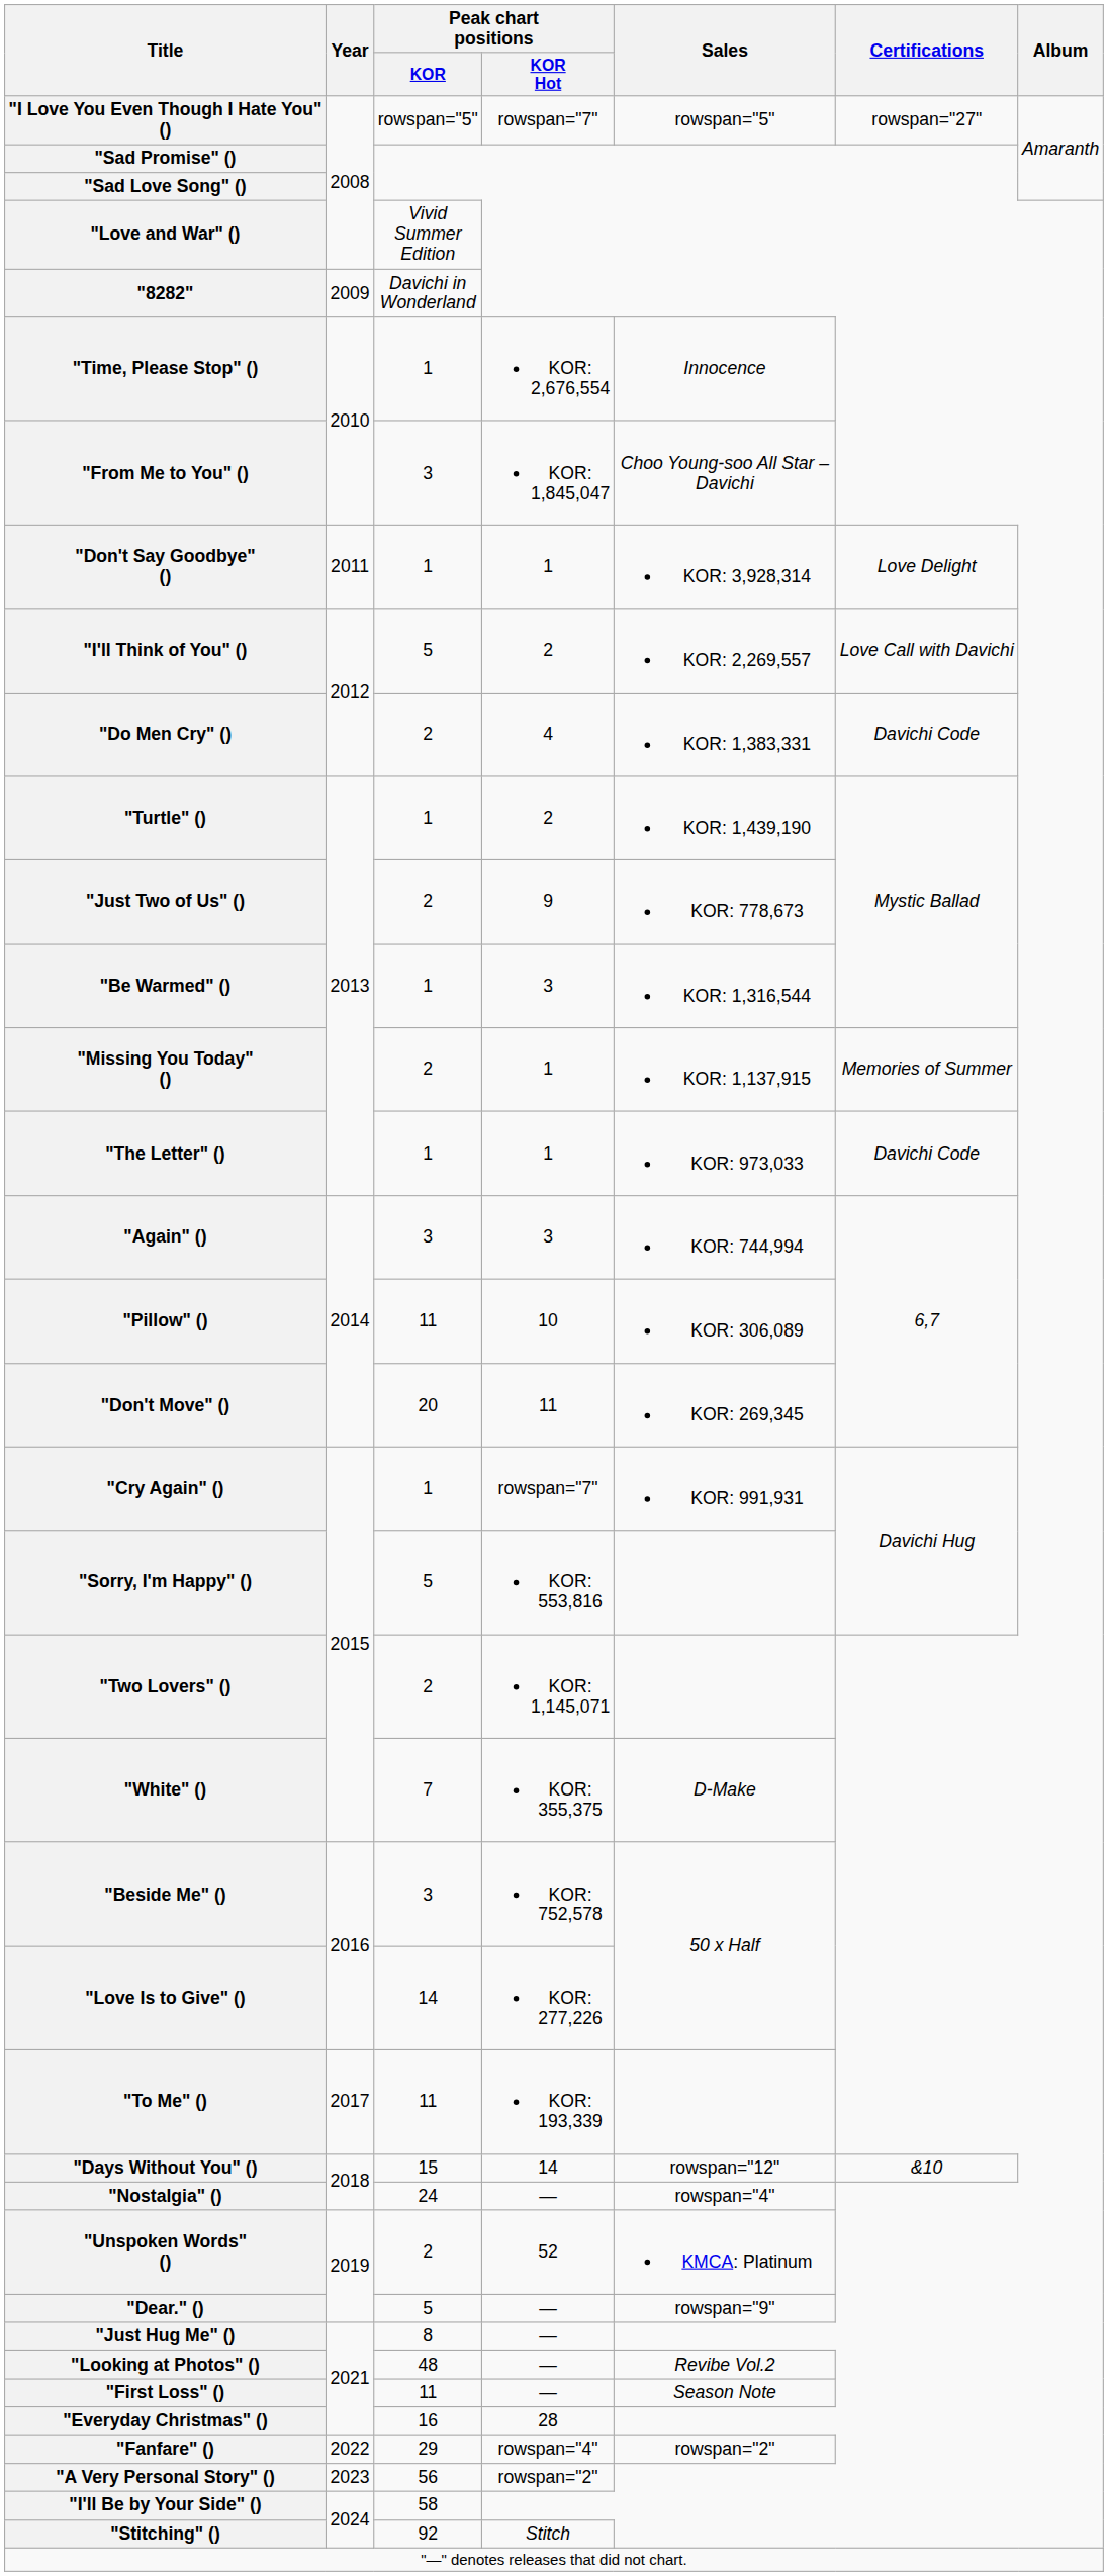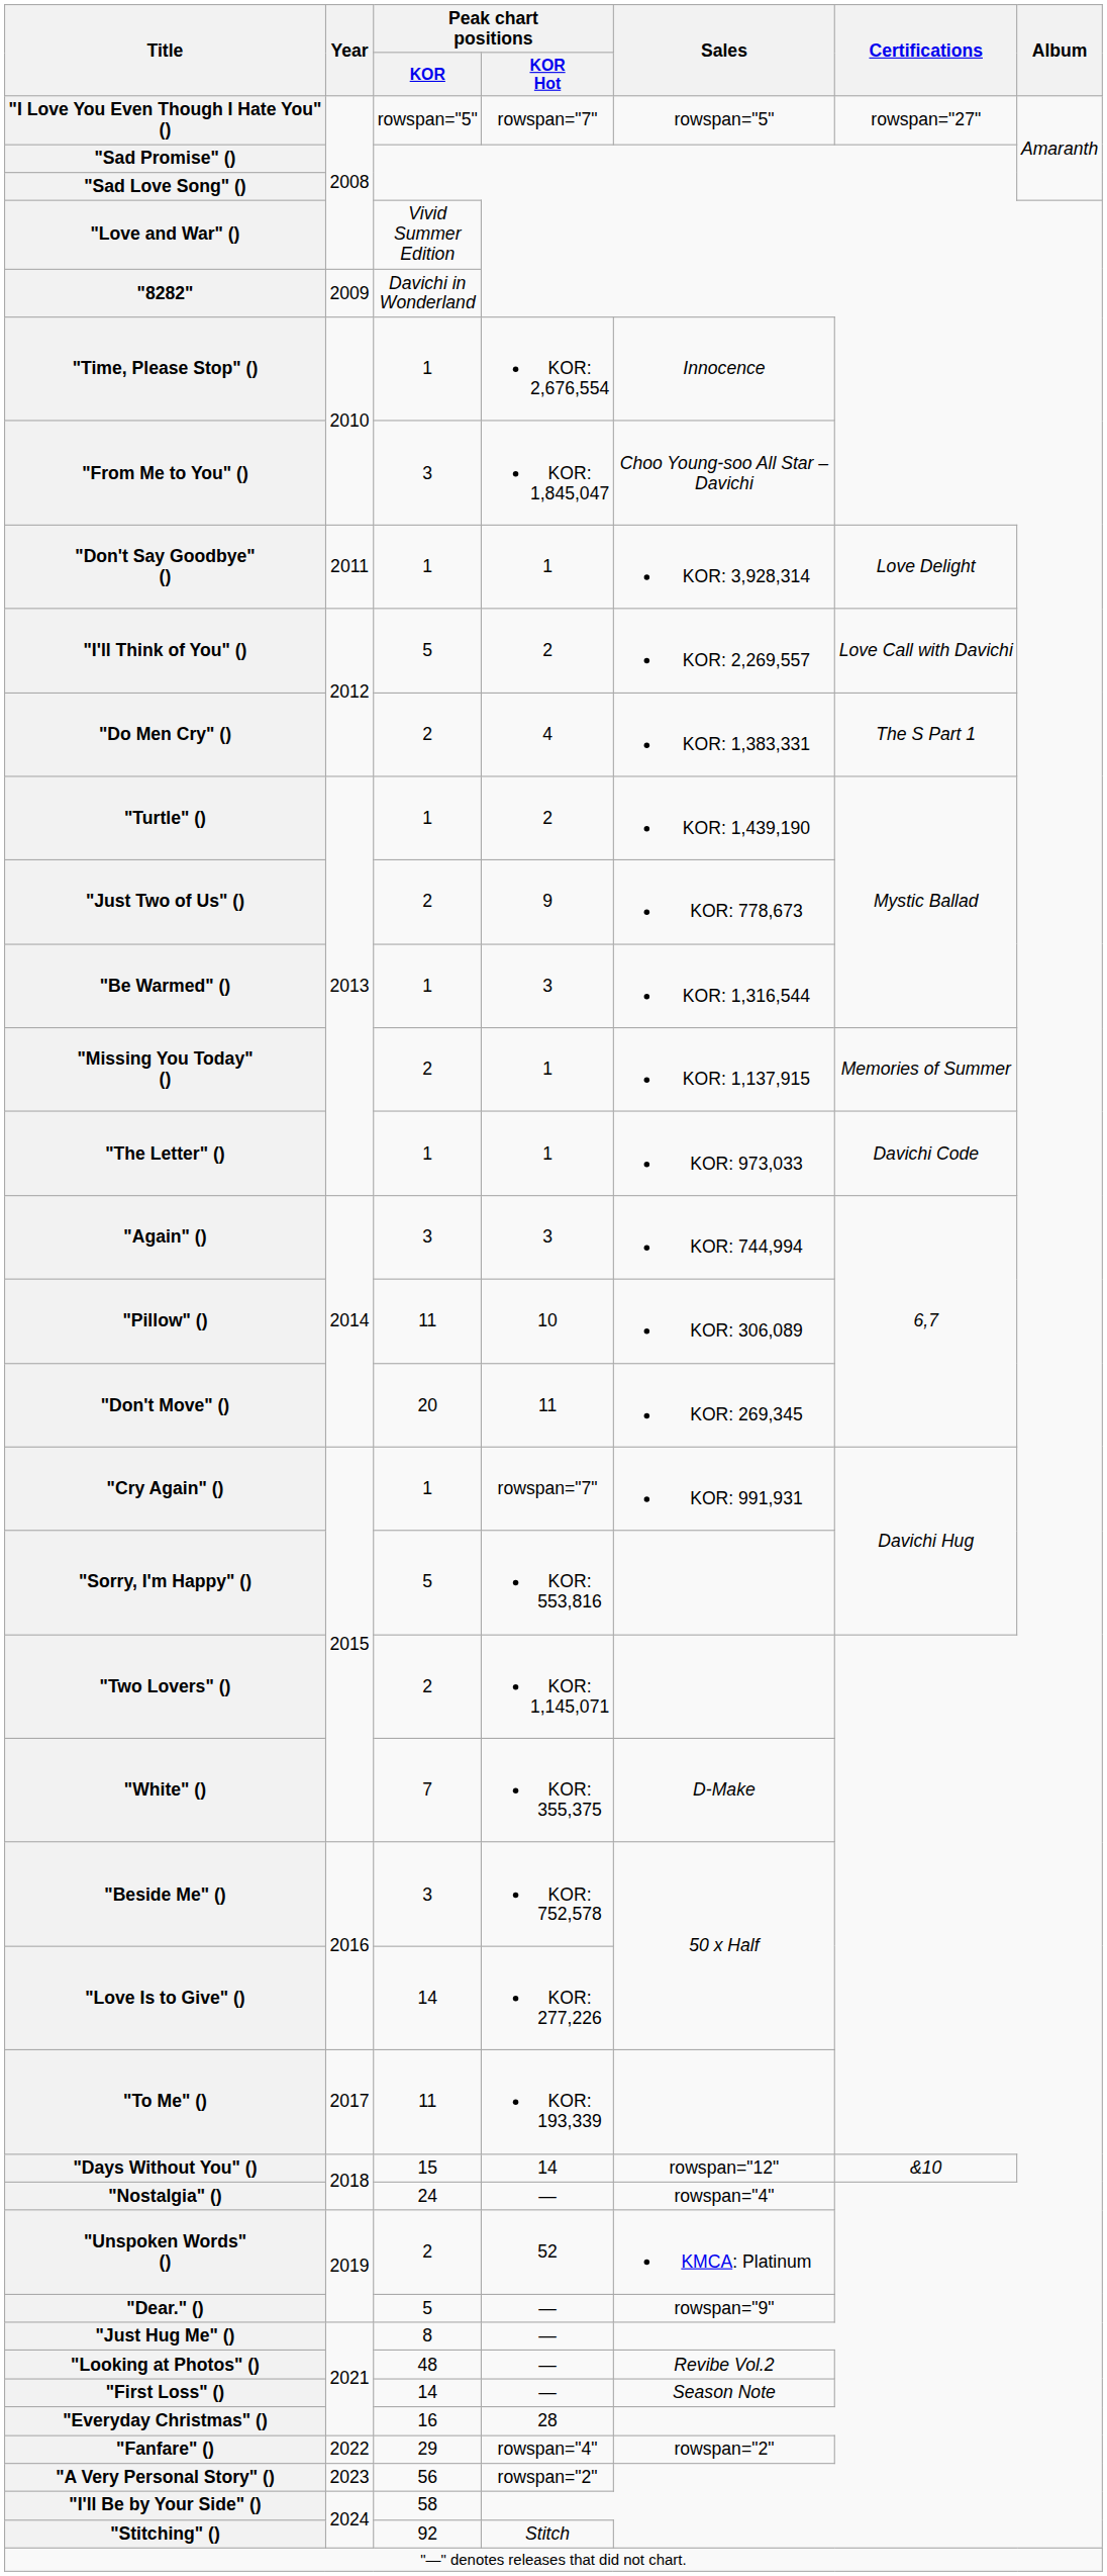 <table class="wikitable plainrowheaders" style="text-align:center;">
 <tr>
 <th scope="col" rowspan="2">Title</th>
 <th scope="col" rowspan="2">Year</th>
 <th scope="col" colspan="2">Peak chart<br>positions</th>
 <th scope="col" rowspan="2" style="width:12em;">Sales</th>
 <th scope="col" rowspan="2"><a href='#'>Certifications</a></th>
 <th scope="col" rowspan="2">Album</th>
 </tr>
 <tr>
 <th scope="col" style="width:3em;font-size:90%;"><a href='#'>KOR</a><br></th>
 <th scope="col" style="width:3em;font-size:90%;"><a href='#'>KOR<br>Hot</a><br></th>
 </tr>
 <tr>
 <th scope="row">"I Love You Even Though I Hate You" <br> ()</th>
 <td rowspan="4">2008</td>
 <td>rowspan="5" </td>
 <td>rowspan="7" </td>
 <td>rowspan="5" </td>
 <td>rowspan="27" </td>
 <td rowspan="3"><em>Amaranth</em></td>
 </tr>
 <tr>
 <th scope="row">"Sad Promise" ()</th>
 </tr>
 <tr>
 <th scope="row">"Sad Love Song" ()</th>
 </tr>
 <tr>
 <th scope="row">"Love and War" ()</th>
 <td><em>Vivid Summer Edition</em></td>
 </tr>
 <tr>
 <th scope="row">"8282"</th>
 <td>2009</td>
 <td><em>Davichi in Wonderland</em></td>
 </tr>
 <tr>
 <th scope="row">"Time, Please Stop" ()</th>
 <td rowspan="2">2010</td>
 <td>1</td>
 <td><br><ul><li>KOR: 2,676,554</li></ul></td>
 <td><em>Innocence</em></td>
 </tr>
 <tr>
 <th scope="row">"From Me to You" ()</th>
 <td>3</td>
 <td><br><ul><li>KOR: 1,845,047</li></ul></td>
 <td><em>Choo Young-soo All Star – Davichi</em></td>
 </tr>
 <tr>
 <th scope="row">"Don't Say Goodbye" <br> ()</th>
 <td>2011</td>
 <td>1</td>
 <td>1</td>
 <td><br><ul><li>KOR: 3,928,314</li></ul></td>
 <td><em>Love Delight</em></td>
 </tr>
 <tr>
 <th scope="row">"I'll Think of You" ()</th>
 <td rowspan="2">2012</td>
 <td>5</td>
 <td>2</td>
 <td><br><ul><li>KOR: 2,269,557</li></ul></td>
 <td><em>Love Call with Davichi</em></td>
 </tr>
 <tr>
 <th scope="row">"Do Men Cry" ()</th>
 <td>2</td>
 <td>4</td>
 <td><br><ul><li>KOR: 1,383,331</li></ul></td>
-<td><em>Davichi Code</em></td>
+<td><em>The S Part 1</em></td>
 </tr>
 <tr>
 <th scope="row">"Turtle" ()</th>
 <td rowspan="5">2013</td>
 <td>1</td>
 <td>2</td>
 <td><br><ul><li>KOR: 1,439,190</li></ul></td>
 <td rowspan="3"><em>Mystic Ballad</em></td>
 </tr>
 <tr>
 <th scope="row">"Just Two of Us" ()</th>
 <td>2</td>
 <td>9</td>
 <td><br><ul><li>KOR: 778,673</li></ul></td>
 </tr>
 <tr>
 <th scope="row">"Be Warmed" ()<br></th>
 <td>1</td>
 <td>3</td>
 <td><br><ul><li>KOR: 1,316,544</li></ul></td>
 </tr>
 <tr>
 <th scope="row">"Missing You Today" <br> ()</th>
 <td>2</td>
 <td>1</td>
 <td><br><ul><li>KOR: 1,137,915</li></ul></td>
 <td><em>Memories of Summer</em></td>
 </tr>
 <tr>
 <th scope="row">"The Letter" ()</th>
 <td>1</td>
 <td>1</td>
 <td><br><ul><li>KOR: 973,033</li></ul></td>
 <td><em>Davichi Code</em></td>
 </tr>
 <tr>
 <th scope="row">"Again" ()</th>
 <td rowspan="3">2014</td>
 <td>3</td>
 <td>3</td>
 <td><br><ul><li>KOR: 744,994</li></ul></td>
 <td rowspan="3"><em>6,7</em></td>
 </tr>
 <tr>
 <th scope="row">"Pillow" ()</th>
 <td>11</td>
 <td>10</td>
 <td><br><ul><li>KOR: 306,089</li></ul></td>
 </tr>
 <tr>
 <th scope="row">"Don't Move" ()</th>
 <td>20</td>
 <td>11</td>
 <td><br><ul><li>KOR: 269,345</li></ul></td>
 </tr>
 <tr>
 <th scope="row">"Cry Again" ()</th>
 <td rowspan="4">2015</td>
 <td>1</td>
 <td>rowspan="7" </td>
 <td><br><ul><li>KOR: 991,931</li></ul></td>
 <td rowspan="2"><em>Davichi Hug</em></td>
 </tr>
 <tr>
 <th scope="row">"Sorry, I'm Happy" ()</th>
 <td>5</td>
 <td><br><ul><li>KOR: 553,816</li></ul></td>
 </tr>
 <tr>
 <th scope="row">"Two Lovers" ()<br></th>
 <td>2</td>
 <td><br><ul><li>KOR: 1,145,071</li></ul></td>
 <td></td>
 </tr>
 <tr>
 <th scope="row">"White" () <br></th>
 <td>7</td>
 <td><br><ul><li>KOR: 355,375</li></ul></td>
 <td><em>D-Make</em></td>
 </tr>
 <tr>
 <th scope="row">"Beside Me" ()</th>
 <td rowspan="2">2016</td>
 <td>3</td>
 <td><br><ul><li>KOR: 752,578</li></ul></td>
 <td rowspan="2"><em>50 x Half</em></td>
 </tr>
 <tr>
 <th scope="row">"Love Is to Give" ()</th>
 <td>14</td>
 <td><br><ul><li>KOR: 277,226</li></ul></td>
 </tr>
 <tr>
 <th scope="row">"To Me" ()</th>
 <td>2017</td>
 <td>11</td>
 <td><br><ul><li>KOR: 193,339</li></ul></td>
 <td></td>
 </tr>
 <tr>
 <th scope="row">"Days Without You" ()</th>
 <td rowspan="2">2018</td>
 <td>15</td>
 <td>14</td>
 <td>rowspan="12" </td>
 <td><em>&10</em></td>
 </tr>
 <tr>
 <th scope="row">"Nostalgia" ()</th>
 <td>24</td>
 <td>—</td>
 <td>rowspan="4" </td>
 </tr>
 <tr>
 <th scope="row">"Unspoken Words" <br> ()</th>
 <td rowspan="2">2019</td>
 <td>2</td>
 <td>52</td>
 <td><br><ul><li><a href='#'>KMCA</a>: Platinum </li></ul></td>
 </tr>
 <tr>
 <th scope="row">"Dear." ()</th>
 <td>5</td>
 <td>—</td>
 <td>rowspan="9" </td>
 </tr>
 <tr>
 <th scope="row">"Just Hug Me" ()</th>
 <td rowspan="4">2021</td>
 <td>8</td>
 <td>—</td>
 </tr>
 <tr>
 <th scope="row">"Looking at Photos" ()</th>
 <td>48</td>
 <td>—</td>
 <td><em>Revibe Vol.2</em></td>
 </tr>
 <tr>
 <th scope="row">"First Loss" ()</th>
-<td>11</td>
+<td>14</td>
 <td>—</td>
 <td><em>Season Note</em></td>
 </tr>
 <tr>
 <th scope="row">"Everyday Christmas" ()</th>
 <td>16</td>
 <td>28</td>
 </tr>
 <tr>
 <th scope="row">"Fanfare" ()</th>
 <td>2022</td>
 <td>29</td>
 <td>rowspan="4" </td>
 <td>rowspan="2" </td>
 </tr>
 <tr>
 <th scope="row">"A Very Personal Story" ()</th>
 <td>2023</td>
 <td>56</td>
 <td>rowspan="2" </td>
 </tr>
 <tr>
 <th scope="row">"I'll Be by Your Side" ()</th>
 <td rowspan="2">2024</td>
 <td>58</td>
 </tr>
 <tr>
 <th scope="row">"Stitching" ()</th>
 <td>92</td>
 <td><em>Stitch</em></td>
 </tr>
 <tr>
 <td colspan="7" style="font-size:85%;">"—" denotes releases that did not chart.</td>
 </tr>
 </table>
